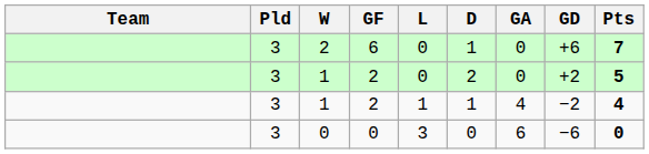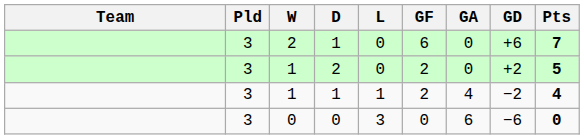 <table class="wikitable" style="text-align:center;">
 <tr>
 <th width=175>Team</th>
 <th width=30  abbr="Played">Pld</th>
 <th width=30  abbr="Won">W</th>
+<th width=30  abbr="Drawn">D</th>
+<th width=30  abbr="Lost">L</th>
 <th width=30  abbr="Goals for">GF</th>
-<th width=30  abbr="Lost">L</th>
-<th width=30  abbr="Drawn">D</th>
 <th width=30  abbr="Goals against">GA</th>
 <th width=30  abbr="Goal difference">GD</th>
 <th width=30  abbr="Points">Pts</th>
 </tr>
 <tr bgcolor="#ccffcc">
 <td align=left></td>
 <td>3</td>
 <td>2</td>
+<td>1</td>
+<td>0</td>
 <td>6</td>
-<td>0</td>
-<td>1</td>
 <td>0</td>
 <td>+6</td>
 <td><strong>7</strong></td>
 </tr>
 <tr bgcolor="#ccffcc">
 <td align=left></td>
 <td>3</td>
 <td>1</td>
 <td>2</td>
 <td>0</td>
 <td>2</td>
 <td>0</td>
 <td>+2</td>
 <td><strong>5</strong></td>
 </tr>
 <tr>
 <td align=left></td>
 <td>3</td>
 <td>1</td>
-<td>2</td>
 <td>1</td>
 <td>1</td>
+<td>2</td>
 <td>4</td>
 <td>−2</td>
 <td><strong>4</strong></td>
 </tr>
 <tr>
 <td align=left></td>
 <td>3</td>
 <td>0</td>
 <td>0</td>
 <td>3</td>
 <td>0</td>
 <td>6</td>
 <td>−6</td>
 <td><strong>0</strong></td>
 </tr>
 </table>
